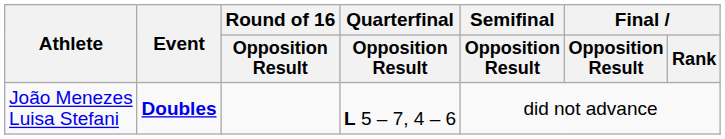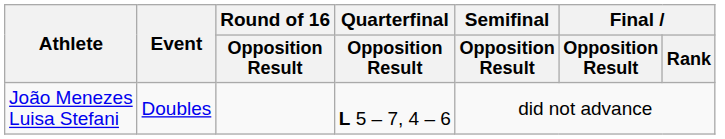 <table class=wikitable style=font-size:90%;text-align:center>
 <tr>
 <th rowspan=2>Athlete</th>
 <th rowspan=2>Event</th>
 <th>Round of 16</th>
 <th>Quarterfinal</th>
 <th>Semifinal</th>
 <th colspan=2>Final / </th>
 </tr>
 <tr style=font-size:95%>
 <th>Opposition<br>Result</th>
 <th>Opposition<br>Result</th>
 <th>Opposition<br>Result</th>
 <th>Opposition<br>Result</th>
 <th>Rank</th>
 </tr>
 <tr>
 <td align=left><a href='#'>João Menezes</a><br><a href='#'>Luisa Stefani</a></td>
-<td align=left><strong><a href='#'>Doubles</a></strong></td>
+<td align=left><a href='#'>Doubles</a></td>
 <td></td>
 <td align=center><br><strong>L</strong> 5 – 7, 4 – 6</td>
 <td colspan=3>did not advance</td>
 </tr>
 </table>
